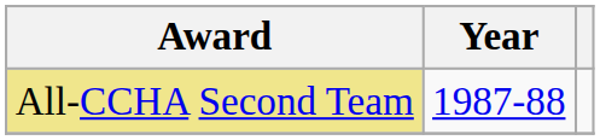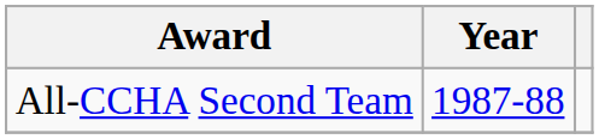 <table class="wikitable">
 <tr>
 <th>Award</th>
 <th>Year</th>
 <th></th>
 </tr>
 <tr>
-<td style="background: khaki;">All-<a href='#'>CCHA</a> <a href='#'>Second Team</a></td>
+<td>All-<a href='#'>CCHA</a> <a href='#'>Second Team</a></td>
 <td><a href='#'>1987-88</a></td>
 <td></td>
 </tr>
 <tr>
 </tr>
 </table>
